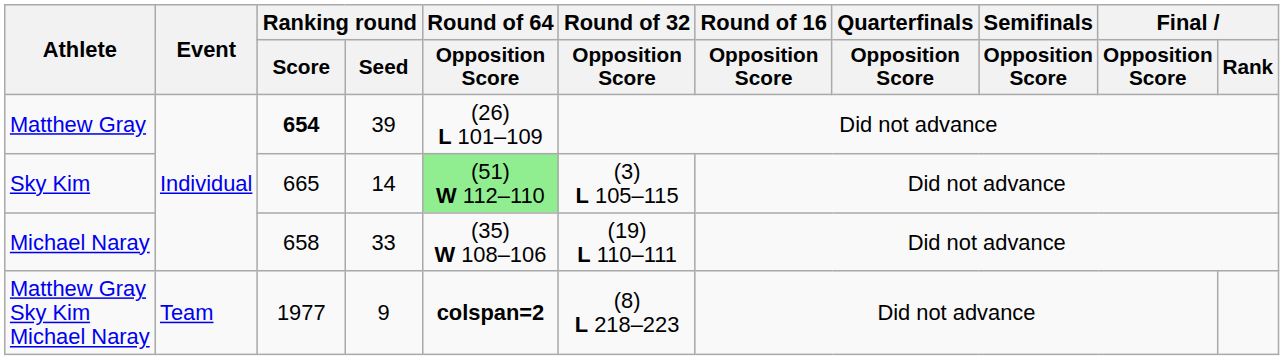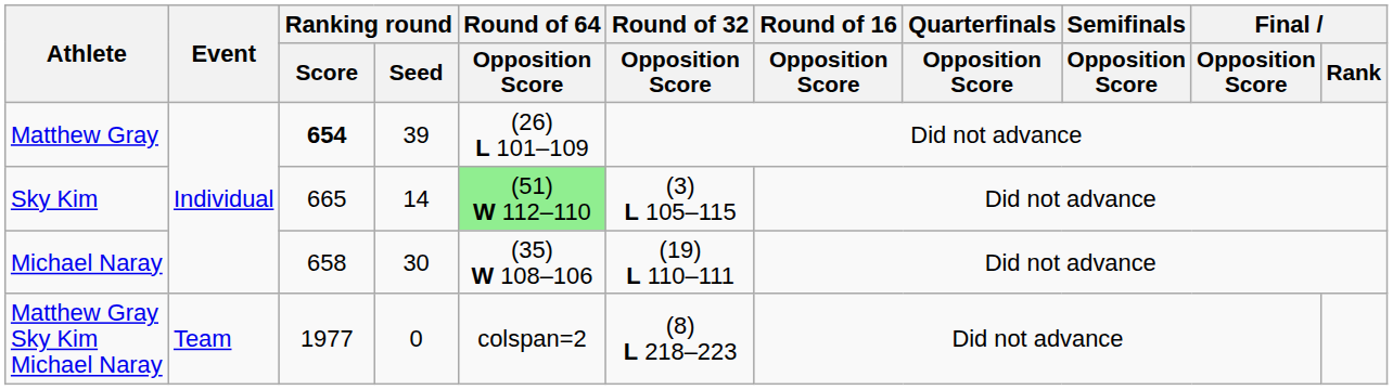 <table class="wikitable" style="font-size:90%">
 <tr>
 <th rowspan="2">Athlete</th>
 <th rowspan="2">Event</th>
 <th colspan="2">Ranking round</th>
 <th>Round of 64</th>
 <th>Round of 32</th>
 <th>Round of 16</th>
 <th>Quarterfinals</th>
 <th>Semifinals</th>
 <th colspan="2">Final / </th>
 </tr>
 <tr style="font-size:95%">
 <th>Score</th>
 <th>Seed</th>
 <th>Opposition<br>Score</th>
 <th>Opposition<br>Score</th>
 <th>Opposition<br>Score</th>
 <th>Opposition<br>Score</th>
 <th>Opposition<br>Score</th>
 <th>Opposition<br>Score</th>
 <th>Rank</th>
 </tr>
 <tr align=center>
 <td align=left><a href='#'>Matthew Gray</a></td>
 <td align=left rowspan=3><a href='#'>Individual</a></td>
 <td><strong>654</strong></td>
 <td>39</td>
 <td> (26)<br><strong>L</strong> 101–109</td>
 <td colspan=6>Did not advance</td>
 </tr>
 <tr align=center>
 <td align=left><a href='#'>Sky Kim</a></td>
 <td>665</td>
 <td>14</td>
 <td style="background: lightgreen;"> (51)<br><strong>W</strong> 112–110</td>
 <td> (3)<br><strong>L</strong> 105–115</td>
 <td colspan=5>Did not advance</td>
 </tr>
 <tr align=center>
 <td align=left><a href='#'>Michael Naray</a></td>
 <td>658</td>
-<td>33</td>
+<td>30</td>
 <td> (35)<br><strong>W</strong> 108–106</td>
 <td> (19)<br><strong>L</strong> 110–111</td>
 <td colspan=5>Did not advance</td>
 </tr>
 <tr align=center>
 <td align=left><a href='#'>Matthew Gray</a><br><a href='#'>Sky Kim</a><br><a href='#'>Michael Naray</a></td>
 <td align=left><a href='#'>Team</a></td>
 <td>1977</td>
-<td>9</td>
-<td><strong>colspan=2 </strong></td>
+<td>0</td>
+<td>colspan=2 </td>
 <td> (8)<br><strong>L</strong> 218–223</td>
 <td colspan=4>Did not advance</td>
 </tr>
 </table>
